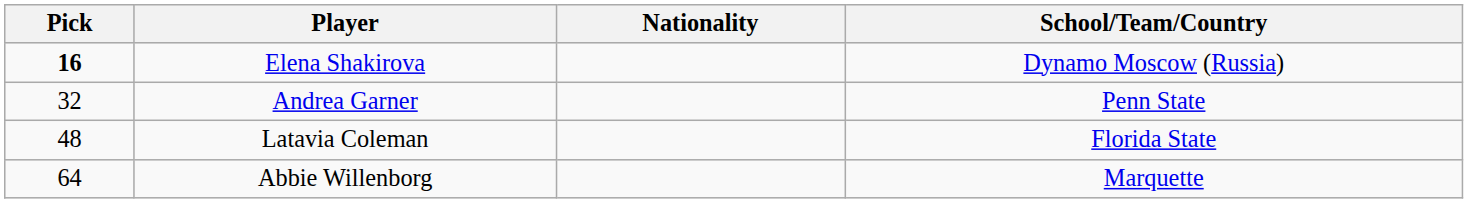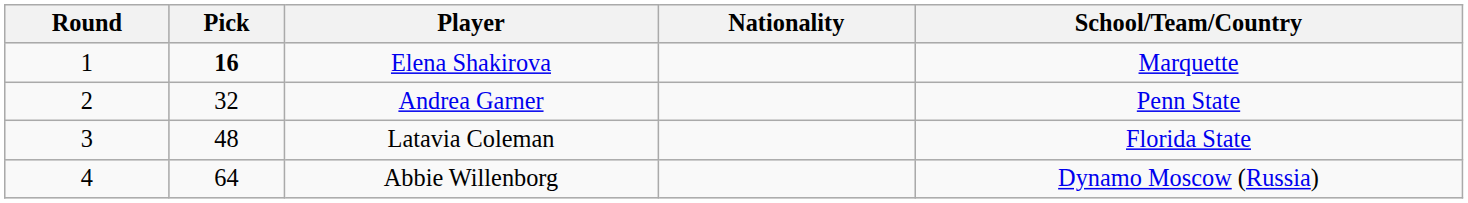 <table class="wikitable" style="text-align:center; width:60em">
 <tr>
+<th>Round</th>
 <th>Pick</th>
 <th>Player</th>
 <th>Nationality</th>
 <th>School/Team/Country</th>
 </tr>
 <tr>
+<td>1</td>
 <td><strong>16</strong></td>
 <td><a href='#'>Elena Shakirova</a></td>
 <td></td>
-<td><a href='#'>Dynamo Moscow</a> (<a href='#'>Russia</a>)</td>
+<td><a href='#'>Marquette</a></td>
 </tr>
 <tr>
+<td>2</td>
 <td>32</td>
 <td><a href='#'>Andrea Garner</a></td>
 <td></td>
 <td><a href='#'>Penn State</a></td>
 </tr>
 <tr>
+<td>3</td>
 <td>48</td>
 <td>Latavia Coleman</td>
 <td></td>
 <td><a href='#'>Florida State</a></td>
 </tr>
 <tr>
+<td>4</td>
 <td>64</td>
 <td>Abbie Willenborg</td>
 <td></td>
-<td><a href='#'>Marquette</a></td>
+<td><a href='#'>Dynamo Moscow</a> (<a href='#'>Russia</a>)</td>
 </tr>
 </table>
